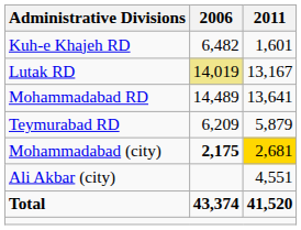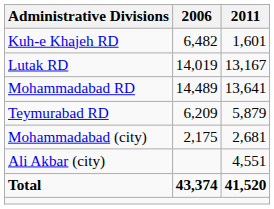 <table class="wikitable">
 <tr>
 <th>Administrative Divisions</th>
 <th>2006</th>
 <th>2011</th>
 </tr>
 <tr>
 <td><a href='#'>Kuh-e Khajeh RD</a></td>
 <td style="text-align: right;">6,482</td>
 <td style="text-align: right;">1,601</td>
 </tr>
 <tr>
 <td><a href='#'>Lutak RD</a></td>
-<td style="background: khaki; text-align: right;">14,019</td>
+<td style="text-align: right;">14,019</td>
 <td style="text-align: right;">13,167</td>
 </tr>
 <tr>
 <td><a href='#'>Mohammadabad RD</a></td>
 <td style="text-align: right;">14,489</td>
 <td style="text-align: right;">13,641</td>
 </tr>
 <tr>
 <td><a href='#'>Teymurabad RD</a></td>
 <td style="text-align: right;">6,209</td>
 <td style="text-align: right;">5,879</td>
 </tr>
 <tr>
 <td><a href='#'>Mohammadabad</a> (city)</td>
-<td style="text-align: right;"><strong>2,175</strong></td>
-<td style="background: gold; text-align: right;">2,681</td>
+<td style="text-align: right;">2,175</td>
+<td style="text-align: right;">2,681</td>
 </tr>
 <tr>
 <td><a href='#'>Ali Akbar</a> (city)</td>
 <td style="text-align: right;"></td>
 <td style="text-align: right;">4,551</td>
 </tr>
 <tr>
 <td><strong>Total</strong></td>
 <td style="text-align: right;"><strong>43,374</strong></td>
 <td style="text-align: right;"><strong>41,520</strong></td>
 </tr>
 <tr>
 <td colspan=4></td>
 </tr>
 </table>
